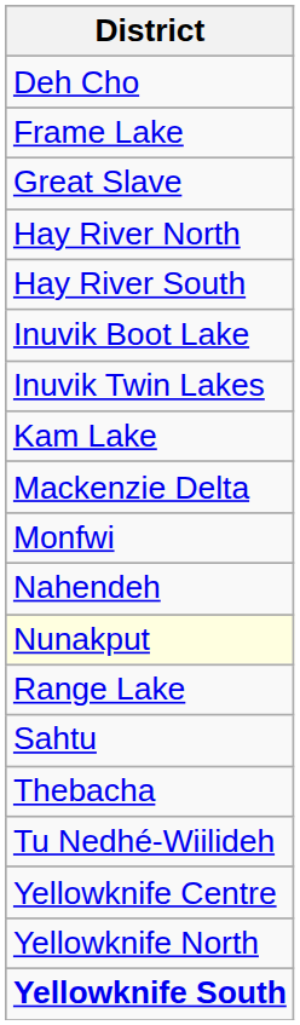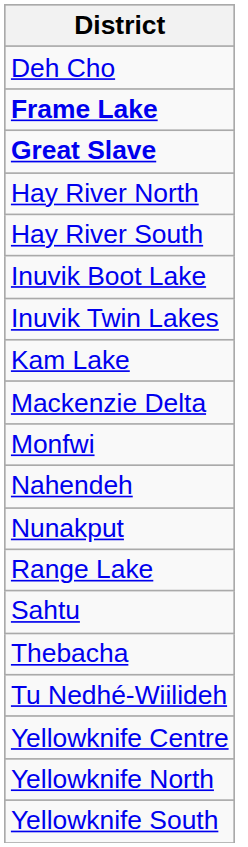 <table class="wikitable sortable">
 <tr>
 <th>District</th>
 </tr>
 <tr>
 <td><a href='#'>Deh Cho</a></td>
 </tr>
 <tr>
-<td><a href='#'>Frame Lake</a></td>
+<td><strong><a href='#'>Frame Lake</a></strong></td>
 </tr>
 <tr>
-<td><a href='#'>Great Slave</a></td>
+<td><strong><a href='#'>Great Slave</a></strong></td>
 </tr>
 <tr>
 <td><a href='#'>Hay River North</a></td>
 </tr>
 <tr>
 <td><a href='#'>Hay River South</a></td>
 </tr>
 <tr>
 <td><a href='#'>Inuvik Boot Lake</a></td>
 </tr>
 <tr>
 <td><a href='#'>Inuvik Twin Lakes</a></td>
 </tr>
 <tr>
 <td><a href='#'>Kam Lake</a></td>
 </tr>
 <tr>
 <td><a href='#'>Mackenzie Delta</a></td>
 </tr>
 <tr>
 <td><a href='#'>Monfwi</a></td>
 </tr>
 <tr>
 <td><a href='#'>Nahendeh</a></td>
 </tr>
 <tr>
-<td style="background: lightyellow;"><a href='#'>Nunakput</a></td>
+<td><a href='#'>Nunakput</a></td>
 </tr>
 <tr>
 <td><a href='#'>Range Lake</a></td>
 </tr>
 <tr>
 <td><a href='#'>Sahtu</a></td>
 </tr>
 <tr>
 <td><a href='#'>Thebacha</a></td>
 </tr>
 <tr>
 <td><a href='#'>Tu Nedhé-Wiilideh</a></td>
 </tr>
 <tr>
 <td><a href='#'>Yellowknife Centre</a></td>
 </tr>
 <tr>
 <td><a href='#'>Yellowknife North</a></td>
 </tr>
 <tr>
-<td><strong><a href='#'>Yellowknife South</a></strong></td>
+<td><a href='#'>Yellowknife South</a></td>
 </tr>
 </table>
